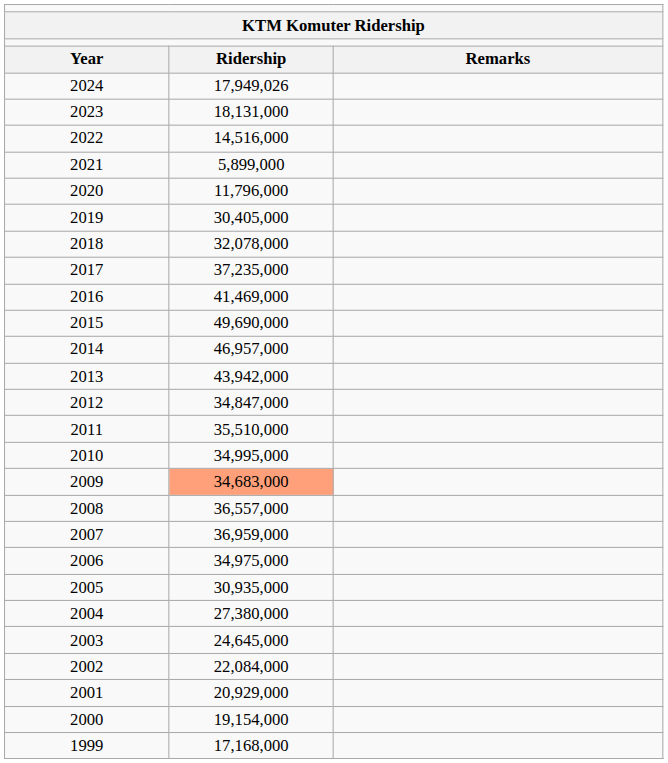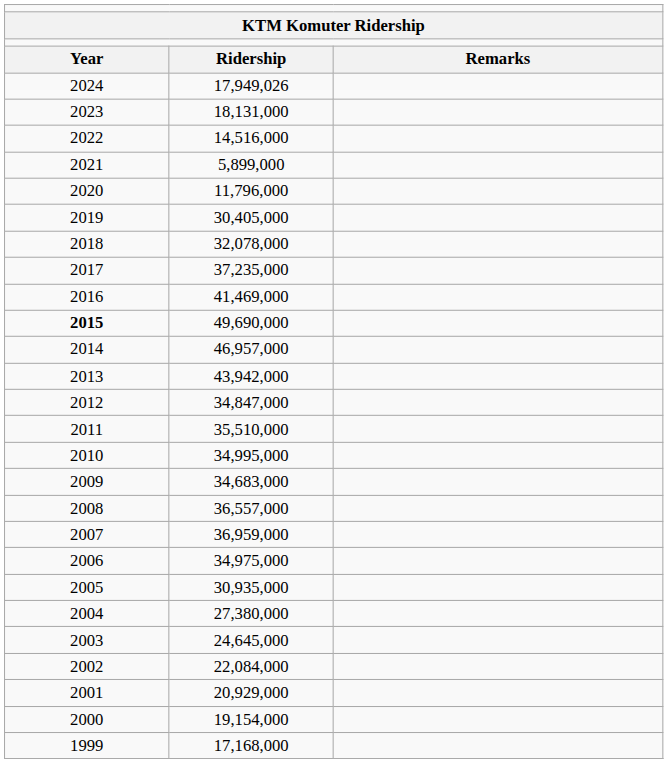 <table class="wikitable" style="width:40%">
 <tr>
 <td colspan=4 align="center" bgcolor=></td>
 </tr>
 <tr>
 <th colspan=4 align="center">KTM Komuter Ridership</th>
 </tr>
 <tr>
 <td colspan=4 align="center" bgcolor=></td>
 </tr>
 <tr>
 <th style="width:20%">Year</th>
 <th style="width:20%">Ridership</th>
 <th style="width:40%">Remarks</th>
 </tr>
 <tr>
 <td align="center">2024</td>
 <td align="center">17,949,026</td>
 <td></td>
 </tr>
 <tr>
 <td align="center">2023</td>
 <td align="center">18,131,000</td>
 <td></td>
 </tr>
 <tr>
 <td align="center">2022</td>
 <td align="center">14,516,000</td>
 <td></td>
 </tr>
 <tr>
 <td align="center">2021</td>
 <td align="center">5,899,000</td>
 <td></td>
 </tr>
 <tr>
 <td align="center">2020</td>
 <td align="center">11,796,000</td>
 <td></td>
 </tr>
 <tr>
 <td align="center">2019</td>
 <td align="center">30,405,000</td>
 <td></td>
 </tr>
 <tr>
 <td align="center">2018</td>
 <td align="center">32,078,000</td>
 <td></td>
 </tr>
 <tr>
 <td align="center">2017</td>
 <td align="center">37,235,000</td>
 <td></td>
 </tr>
 <tr>
 <td align="center">2016</td>
 <td align="center">41,469,000</td>
 <td></td>
 </tr>
 <tr>
-<td align="center">2015</td>
+<td align="center"><strong>2015</strong></td>
 <td align="center">49,690,000</td>
 <td></td>
 </tr>
 <tr>
 <td align="center">2014</td>
 <td align="center">46,957,000</td>
 <td></td>
 </tr>
 <tr>
 <td align="center">2013</td>
 <td align="center">43,942,000</td>
 <td></td>
 </tr>
 <tr>
 <td align="center">2012</td>
 <td align="center">34,847,000</td>
 <td></td>
 </tr>
 <tr>
 <td align="center">2011</td>
 <td align="center">35,510,000</td>
 <td></td>
 </tr>
 <tr>
 <td align="center">2010</td>
 <td align="center">34,995,000</td>
 <td></td>
 </tr>
 <tr>
 <td align="center">2009</td>
-<td align="center" style="background: lightsalmon;">34,683,000</td>
+<td align="center">34,683,000</td>
 <td></td>
 </tr>
 <tr>
 <td align="center">2008</td>
 <td align="center">36,557,000</td>
 <td></td>
 </tr>
 <tr>
 <td align="center">2007</td>
 <td align="center">36,959,000</td>
 <td></td>
 </tr>
 <tr>
 <td align="center">2006</td>
 <td align="center">34,975,000</td>
 <td></td>
 </tr>
 <tr>
 <td align="center">2005</td>
 <td align="center">30,935,000</td>
 <td></td>
 </tr>
 <tr>
 <td align="center">2004</td>
 <td align="center">27,380,000</td>
 <td></td>
 </tr>
 <tr>
 <td align="center">2003</td>
 <td align="center">24,645,000</td>
 <td></td>
 </tr>
 <tr>
 <td align="center">2002</td>
 <td align="center">22,084,000</td>
 <td></td>
 </tr>
 <tr>
 <td align="center">2001</td>
 <td align="center">20,929,000</td>
 <td></td>
 </tr>
 <tr>
 <td align="center">2000</td>
 <td align="center">19,154,000</td>
 <td></td>
 </tr>
 <tr>
 <td align="center">1999</td>
 <td align="center">17,168,000</td>
 <td></td>
 </tr>
 <tr>
 </tr>
 </table>
